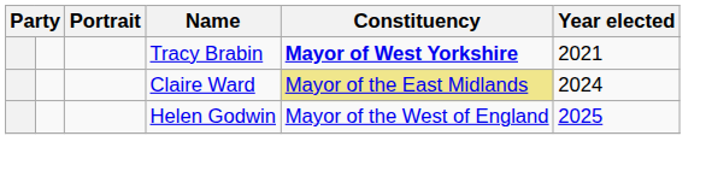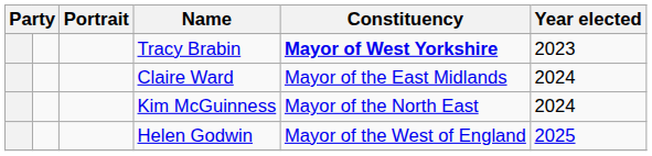 <table class="wikitable sortable">
 <tr>
 <th colspan="2">Party</th>
 <th>Portrait</th>
 <th>Name</th>
 <th>Constituency</th>
 <th>Year elected</th>
 </tr>
 <tr>
 </tr>
 <tr>
 <th style="background-color: "></th>
 <td></td>
 <td></td>
 <td><a href='#'>Tracy Brabin</a></td>
 <td><strong><a href='#'>Mayor of West Yorkshire</a></strong></td>
-<td>2021</td>
+<td>2023</td>
 </tr>
 <tr>
 <th style="background-color: "></th>
 <td></td>
 <td></td>
 <td><a href='#'>Claire Ward</a></td>
-<td style="background: khaki;"><a href='#'>Mayor of the East Midlands</a></td>
+<td><a href='#'>Mayor of the East Midlands</a></td>
+<td>2024</td>
+</tr>
+<tr>
+<th style="background-color: "></th>
+<td></td>
+<td></td>
+<td><a href='#'>Kim McGuinness</a></td>
+<td><a href='#'>Mayor of the North East</a></td>
 <td>2024</td>
 </tr>
 <tr>
 <th style="background-color: "></th>
 <td></td>
 <td></td>
 <td><a href='#'>Helen Godwin</a></td>
 <td><a href='#'>Mayor of the West of England</a></td>
 <td><a href='#'>2025</a></td>
 </tr>
 <tr>
 </tr>
 </table>
